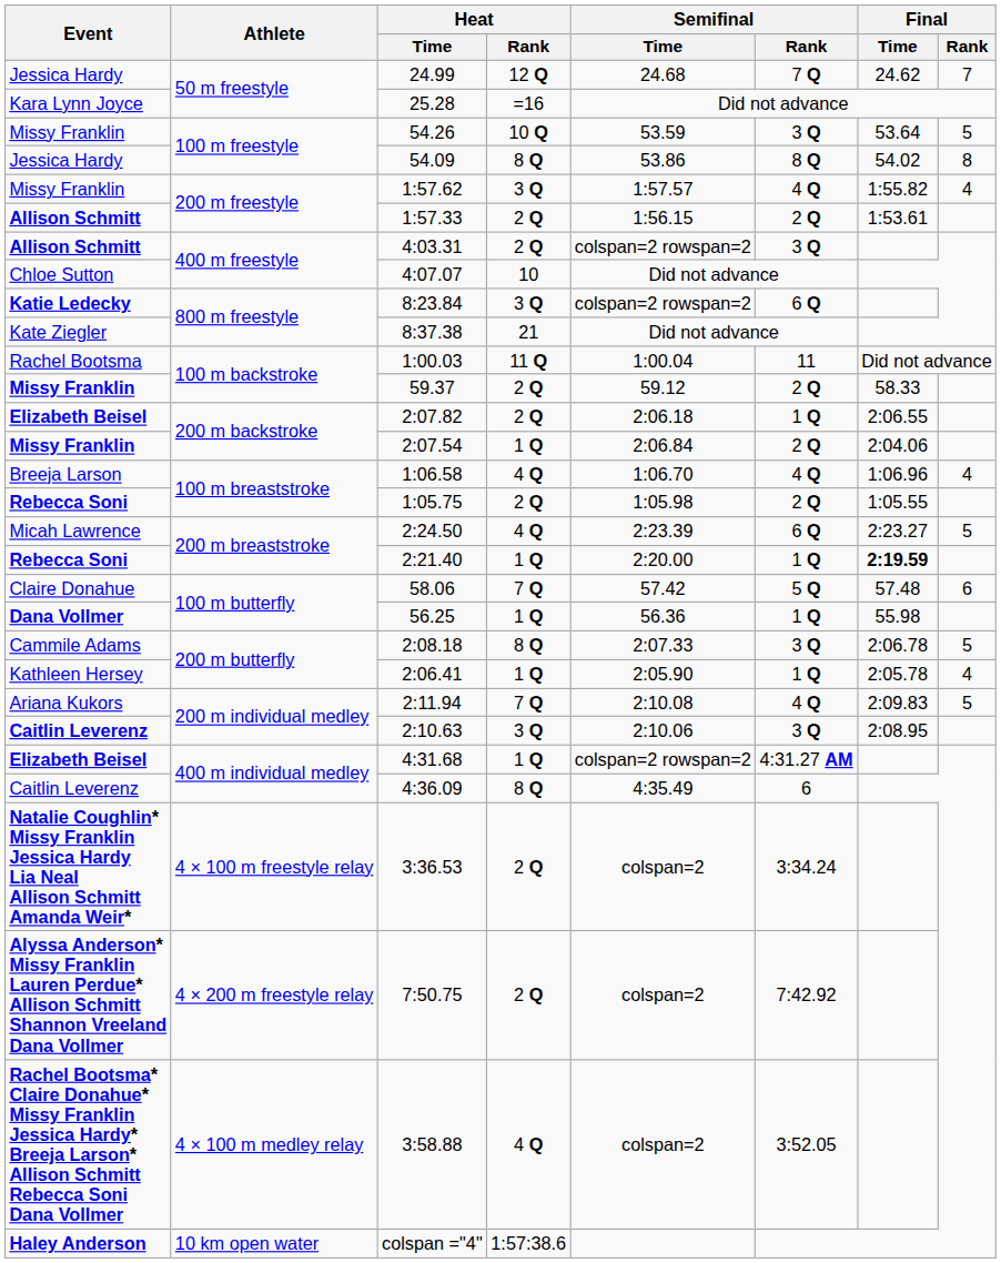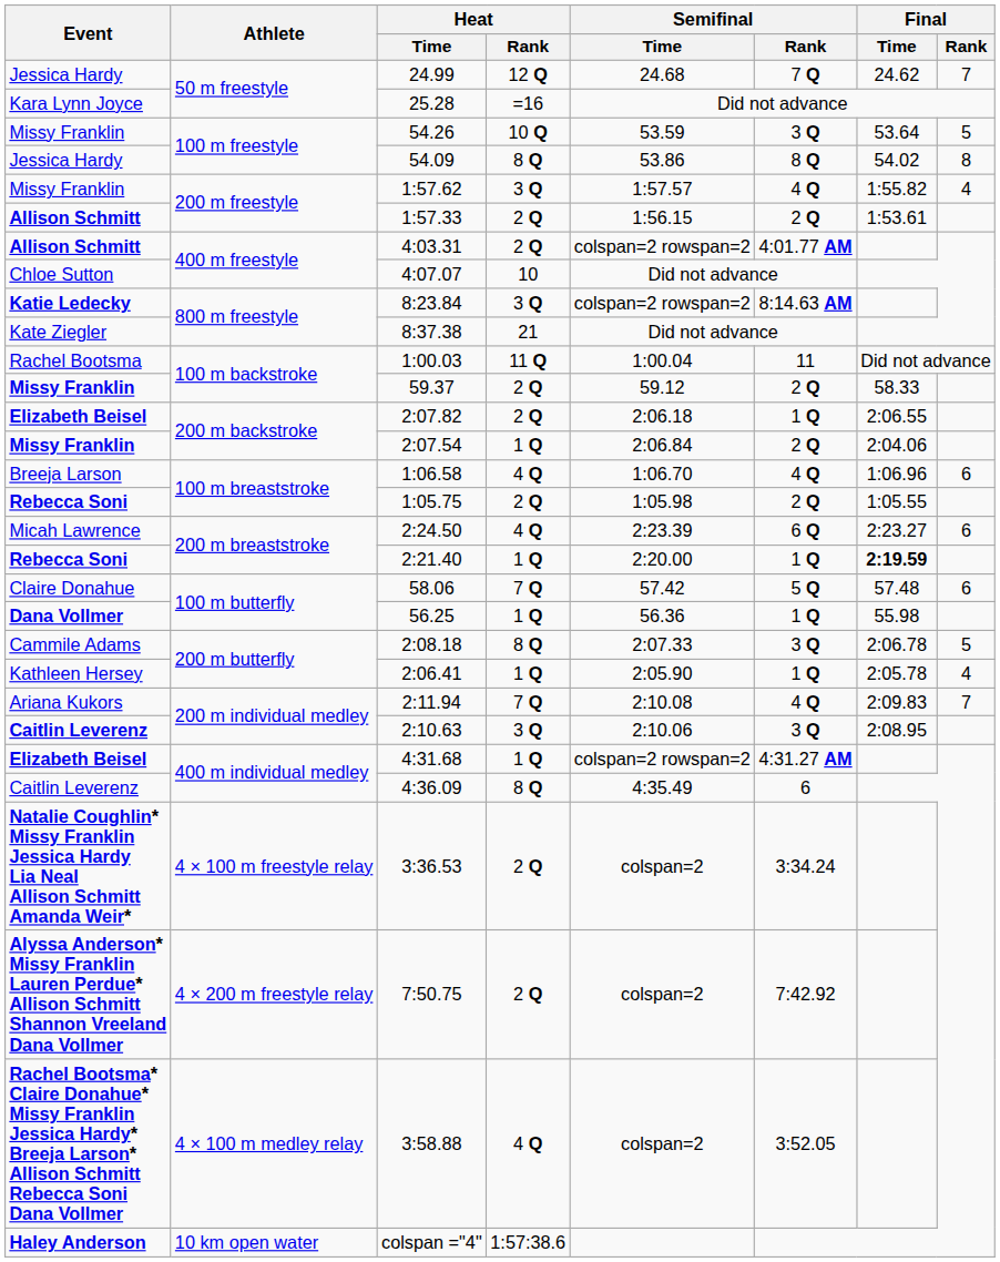 <table class=wikitable style=font-size:90%;text-align:center>
 <tr>
 <th rowspan=2>Event</th>
 <th rowspan=2>Athlete</th>
 <th colspan=2>Heat</th>
 <th colspan=2>Semifinal</th>
 <th colspan=2>Final</th>
 </tr>
 <tr style=font-size:95%>
 <th>Time</th>
 <th>Rank</th>
 <th>Time</th>
 <th>Rank</th>
 <th>Time</th>
 <th>Rank</th>
 </tr>
 <tr>
 <td align=left><a href='#'>Jessica Hardy</a></td>
 <td align=left rowspan=2><a href='#'>50 m freestyle</a></td>
 <td>24.99</td>
 <td>12 <strong>Q</strong></td>
 <td>24.68</td>
 <td>7 <strong>Q</strong></td>
 <td>24.62</td>
 <td>7</td>
 </tr>
 <tr>
 <td align=left><a href='#'>Kara Lynn Joyce</a></td>
 <td>25.28</td>
 <td>=16</td>
 <td colspan=4>Did not advance</td>
 </tr>
 <tr>
 <td align=left><a href='#'>Missy Franklin</a></td>
 <td align=left rowspan=2><a href='#'>100 m freestyle</a></td>
 <td>54.26</td>
 <td>10 <strong>Q</strong></td>
 <td>53.59</td>
 <td>3 <strong>Q</strong></td>
 <td>53.64</td>
 <td>5</td>
 </tr>
 <tr>
 <td align=left><a href='#'>Jessica Hardy</a></td>
 <td>54.09</td>
 <td>8 <strong>Q</strong></td>
 <td>53.86</td>
 <td>8 <strong>Q</strong></td>
 <td>54.02</td>
 <td>8</td>
 </tr>
 <tr>
 <td align=left><a href='#'>Missy Franklin</a></td>
 <td align=left rowspan=2><a href='#'>200 m freestyle</a></td>
 <td>1:57.62</td>
 <td>3 <strong>Q</strong></td>
 <td>1:57.57</td>
 <td>4 <strong>Q</strong></td>
 <td>1:55.82</td>
 <td>4</td>
 </tr>
 <tr>
 <td align=left><strong><a href='#'>Allison Schmitt</a></strong></td>
 <td>1:57.33</td>
 <td>2 <strong>Q</strong></td>
 <td>1:56.15</td>
 <td>2 <strong>Q</strong></td>
 <td>1:53.61 </td>
 <td></td>
 </tr>
 <tr>
 <td align=left><strong><a href='#'>Allison Schmitt</a></strong></td>
 <td align=left rowspan=2><a href='#'>400 m freestyle</a></td>
 <td>4:03.31</td>
 <td>2 <strong>Q</strong></td>
 <td>colspan=2 rowspan=2 </td>
-<td>3 <strong>Q</strong></td>
+<td>4:01.77 <strong><a href='#'>AM</a></strong></td>
 <td></td>
 </tr>
 <tr>
 <td align=left><a href='#'>Chloe Sutton</a></td>
 <td>4:07.07</td>
 <td>10</td>
 <td colspan=2>Did not advance</td>
 </tr>
 <tr>
 <td align=left><strong><a href='#'>Katie Ledecky</a></strong></td>
 <td align=left rowspan=2><a href='#'>800 m freestyle</a></td>
 <td>8:23.84</td>
 <td>3 <strong>Q</strong></td>
 <td>colspan=2 rowspan=2 </td>
-<td>6 <strong>Q</strong></td>
+<td>8:14.63 <strong><a href='#'>AM</a></strong></td>
 <td></td>
 </tr>
 <tr>
 <td align=left><a href='#'>Kate Ziegler</a></td>
 <td>8:37.38</td>
 <td>21</td>
 <td colspan=2>Did not advance</td>
 </tr>
 <tr>
 <td align=left><a href='#'>Rachel Bootsma</a></td>
 <td align=left rowspan=2><a href='#'>100 m backstroke</a></td>
 <td>1:00.03</td>
 <td>11 <strong>Q</strong></td>
 <td>1:00.04</td>
 <td>11</td>
 <td colspan=2>Did not advance</td>
 </tr>
 <tr>
 <td align=left><strong><a href='#'>Missy Franklin</a></strong></td>
 <td>59.37</td>
 <td>2 <strong>Q</strong></td>
 <td>59.12</td>
 <td>2 <strong>Q</strong></td>
 <td>58.33</td>
 <td></td>
 </tr>
 <tr>
 <td align=left><strong><a href='#'>Elizabeth Beisel</a></strong></td>
 <td align=left rowspan=2><a href='#'>200 m backstroke</a></td>
 <td>2:07.82</td>
 <td>2 <strong>Q</strong></td>
 <td>2:06.18</td>
 <td>1 <strong>Q</strong></td>
 <td>2:06.55</td>
 <td></td>
 </tr>
 <tr>
 <td align=left><strong><a href='#'>Missy Franklin</a></strong></td>
 <td>2:07.54</td>
 <td>1 <strong>Q</strong></td>
 <td>2:06.84</td>
 <td>2 <strong>Q</strong></td>
 <td>2:04.06 </td>
 <td></td>
 </tr>
 <tr>
 <td align=left><a href='#'>Breeja Larson</a></td>
 <td align=left rowspan=2><a href='#'>100 m breaststroke</a></td>
 <td>1:06.58</td>
 <td>4 <strong>Q</strong></td>
 <td>1:06.70</td>
 <td>4 <strong>Q</strong></td>
 <td>1:06.96</td>
-<td>4</td>
+<td>6</td>
 </tr>
 <tr>
 <td align=left><strong><a href='#'>Rebecca Soni</a></strong></td>
 <td>1:05.75</td>
 <td>2 <strong>Q</strong></td>
 <td>1:05.98</td>
 <td>2 <strong>Q</strong></td>
 <td>1:05.55</td>
 <td></td>
 </tr>
 <tr>
 <td align=left><a href='#'>Micah Lawrence</a></td>
 <td align=left rowspan=2><a href='#'>200 m breaststroke</a></td>
 <td>2:24.50</td>
 <td>4 <strong>Q</strong></td>
 <td>2:23.39</td>
 <td>6 <strong>Q</strong></td>
 <td>2:23.27</td>
-<td>5</td>
+<td>6</td>
 </tr>
 <tr>
 <td align=left><strong><a href='#'>Rebecca Soni</a></strong></td>
 <td>2:21.40</td>
 <td>1 <strong>Q</strong></td>
 <td>2:20.00 </td>
 <td>1 <strong>Q</strong></td>
 <td><strong>2:19.59 </strong></td>
 <td></td>
 </tr>
 <tr>
 <td align=left><a href='#'>Claire Donahue</a></td>
 <td align=left rowspan=2><a href='#'>100 m butterfly</a></td>
 <td>58.06</td>
 <td>7 <strong>Q</strong></td>
 <td>57.42</td>
 <td>5 <strong>Q</strong></td>
 <td>57.48</td>
 <td>6</td>
 </tr>
 <tr>
 <td align=left><strong><a href='#'>Dana Vollmer</a></strong></td>
 <td>56.25 </td>
 <td>1 <strong>Q</strong></td>
 <td>56.36</td>
 <td>1 <strong>Q</strong></td>
 <td>55.98 </td>
 <td></td>
 </tr>
 <tr>
 <td align=left><a href='#'>Cammile Adams</a></td>
 <td align=left rowspan=2><a href='#'>200 m butterfly</a></td>
 <td>2:08.18</td>
 <td>8 <strong>Q</strong></td>
 <td>2:07.33</td>
 <td>3 <strong>Q</strong></td>
 <td>2:06.78</td>
 <td>5</td>
 </tr>
 <tr>
 <td align=left><a href='#'>Kathleen Hersey</a></td>
 <td>2:06.41</td>
 <td>1 <strong>Q</strong></td>
 <td>2:05.90</td>
 <td>1 <strong>Q</strong></td>
 <td>2:05.78</td>
 <td>4</td>
 </tr>
 <tr>
 <td align=left><a href='#'>Ariana Kukors</a></td>
 <td align=left rowspan=2><a href='#'>200 m individual medley</a></td>
 <td>2:11.94</td>
 <td>7 <strong>Q</strong></td>
 <td>2:10.08</td>
 <td>4 <strong>Q</strong></td>
 <td>2:09.83</td>
-<td>5</td>
+<td>7</td>
 </tr>
 <tr>
 <td align=left><strong><a href='#'>Caitlin Leverenz</a></strong></td>
 <td>2:10.63</td>
 <td>3 <strong>Q</strong></td>
 <td>2:10.06</td>
 <td>3 <strong>Q</strong></td>
 <td>2:08.95</td>
 <td></td>
 </tr>
 <tr>
 <td align=left><strong><a href='#'>Elizabeth Beisel</a></strong></td>
 <td align=left rowspan=2><a href='#'>400 m individual medley</a></td>
 <td>4:31.68</td>
 <td>1 <strong>Q</strong></td>
 <td>colspan=2 rowspan=2 </td>
 <td>4:31.27 <strong><a href='#'>AM</a></strong></td>
 <td></td>
 </tr>
 <tr>
 <td align=left><a href='#'>Caitlin Leverenz</a></td>
 <td>4:36.09</td>
 <td>8 <strong>Q</strong></td>
 <td>4:35.49</td>
 <td>6</td>
 </tr>
 <tr>
 <td align=left><strong><a href='#'>Natalie Coughlin</a>*<br><a href='#'>Missy Franklin</a><br><a href='#'>Jessica Hardy</a><br><a href='#'>Lia Neal</a><br><a href='#'>Allison Schmitt</a><br><a href='#'>Amanda Weir</a>*</strong></td>
 <td align=left><a href='#'>4 × 100 m freestyle relay</a></td>
 <td>3:36.53</td>
 <td>2 <strong>Q</strong></td>
 <td>colspan=2 </td>
 <td>3:34.24</td>
 <td></td>
 </tr>
 <tr>
 <td align=left><strong><a href='#'>Alyssa Anderson</a>*<br><a href='#'>Missy Franklin</a><br><a href='#'>Lauren Perdue</a>*<br><a href='#'>Allison Schmitt</a><br><a href='#'>Shannon Vreeland</a><br><a href='#'>Dana Vollmer</a></strong></td>
 <td align=left><a href='#'>4 × 200 m freestyle relay</a></td>
 <td>7:50.75</td>
 <td>2 <strong>Q</strong></td>
 <td>colspan=2 </td>
 <td>7:42.92 </td>
 <td></td>
 </tr>
 <tr>
 <td align=left><strong><a href='#'>Rachel Bootsma</a>*<br><a href='#'>Claire Donahue</a>*<br><a href='#'>Missy Franklin</a><br><a href='#'>Jessica Hardy</a>*<br><a href='#'>Breeja Larson</a>*<br><a href='#'>Allison Schmitt</a><br><a href='#'>Rebecca Soni</a><br><a href='#'>Dana Vollmer</a></strong></td>
 <td align=left><a href='#'>4 × 100 m medley relay</a></td>
 <td>3:58.88</td>
 <td>4 <strong>Q</strong></td>
 <td>colspan=2 </td>
 <td>3:52.05 </td>
 <td></td>
 </tr>
 <tr>
 <td align=left><strong><a href='#'>Haley Anderson</a></strong></td>
 <td align=left><a href='#'>10 km open water</a></td>
 <td>colspan ="4" </td>
 <td>1:57:38.6</td>
 <td></td>
 </tr>
 </table>
